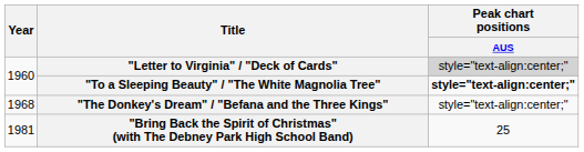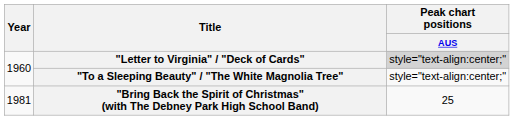 <table class="wikitable plainrowheaders" style="text-align:center;" border="1">
 <tr>
 <th scope="col" rowspan="2">Year</th>
 <th scope="col" rowspan="2" style="width:32em;">Title</th>
 <th scope="col" colspan="1">Peak chart<br>positions</th>
 </tr>
 <tr>
 <th scope="col" style="text-align:center;"><small><a href='#'>AUS</a></small><br></th>
 </tr>
 <tr>
 <td rowspan="2">1960</td>
 <th scope="row">"Letter to Virginia" / "Deck of Cards"</th>
 <td style="background: lightgrey;">style="text-align:center;" </td>
 </tr>
 <tr>
 <th scope="row">"To a Sleeping Beauty" / "The White Magnolia Tree"</th>
-<td><strong>style="text-align:center;" </strong></td>
-</tr>
-<tr>
-<td>1968</td>
-<th scope="row">"The Donkey's Dream" / "Befana and the Three Kings"</th>
 <td>style="text-align:center;" </td>
 </tr>
 <tr>
 <td>1981</td>
 <th scope="row">"Bring Back the Spirit of Christmas" <br> (with The Debney Park High School Band)</th>
 <td style="text-align:center;">25</td>
 </tr>
 </table>
